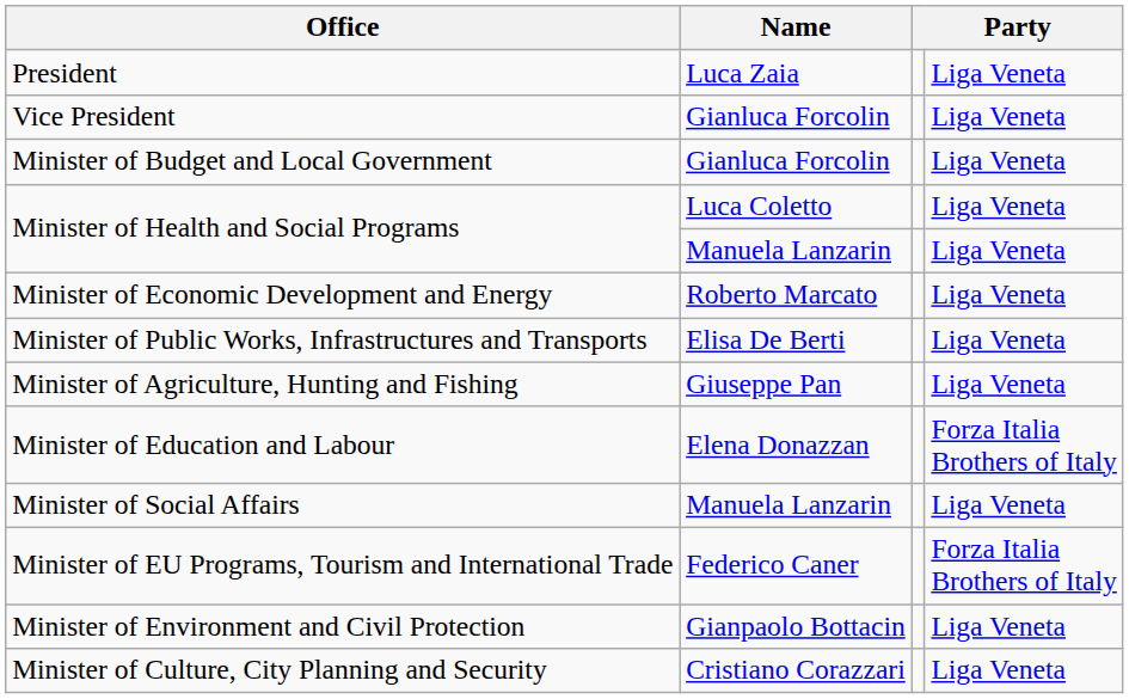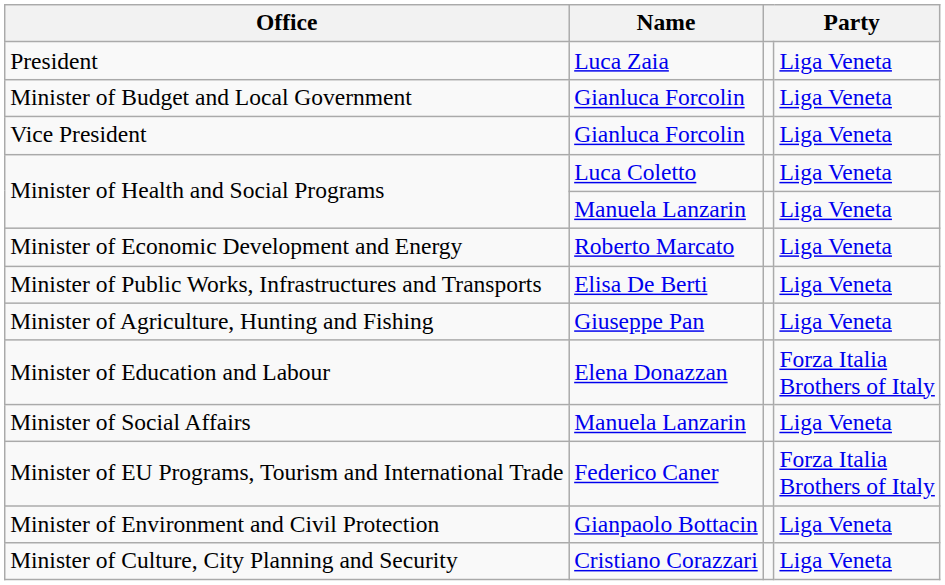 <table class="wikitable">
 <tr>
 <th>Office</th>
 <th>Name</th>
 <th colspan=2>Party</th>
 </tr>
 <tr>
 <td>President</td>
 <td><a href='#'>Luca Zaia</a></td>
 <td style="color:inherit;background:"></td>
 <td><a href='#'>Liga Veneta</a></td>
 </tr>
 <tr>
-<td>Vice President</td>
+<td>Minister of Budget and Local Government</td>
 <td><a href='#'>Gianluca Forcolin</a> </td>
 <td style="color:inherit;background:"></td>
 <td><a href='#'>Liga Veneta</a></td>
 </tr>
 <tr>
-<td>Minister of Budget and Local Government</td>
+<td>Vice President</td>
 <td><a href='#'>Gianluca Forcolin</a> </td>
 <td style="color:inherit;background:"></td>
 <td><a href='#'>Liga Veneta</a></td>
 </tr>
 <tr>
 <td rowspan=2>Minister of Health and Social Programs</td>
 <td><a href='#'>Luca Coletto</a> </td>
 <td></td>
 <td><a href='#'>Liga Veneta</a></td>
 </tr>
 <tr>
 <td><a href='#'>Manuela Lanzarin</a> </td>
 <td></td>
 <td><a href='#'>Liga Veneta</a></td>
 </tr>
 <tr>
 <td>Minister of Economic Development and Energy</td>
 <td><a href='#'>Roberto Marcato</a></td>
 <td style="color:inherit;background:"></td>
 <td><a href='#'>Liga Veneta</a></td>
 </tr>
 <tr>
 <td>Minister of Public Works, Infrastructures and Transports</td>
 <td><a href='#'>Elisa De Berti</a></td>
 <td style="color:inherit;background:"></td>
 <td><a href='#'>Liga Veneta</a></td>
 </tr>
 <tr>
 <td>Minister of Agriculture, Hunting and Fishing</td>
 <td><a href='#'>Giuseppe Pan</a></td>
 <td style="color:inherit;background:"></td>
 <td><a href='#'>Liga Veneta</a></td>
 </tr>
 <tr>
 <td>Minister of Education and Labour</td>
 <td><a href='#'>Elena Donazzan</a></td>
 <td style="color:inherit;background:"></td>
 <td><a href='#'>Forza Italia</a> <br><a href='#'>Brothers of Italy</a> </td>
 </tr>
 <tr>
 <td>Minister of Social Affairs</td>
 <td><a href='#'>Manuela Lanzarin</a></td>
 <td style="color:inherit;background:"></td>
 <td><a href='#'>Liga Veneta</a></td>
 </tr>
 <tr>
 <td>Minister of EU Programs, Tourism and International Trade</td>
 <td><a href='#'>Federico Caner</a></td>
 <td style="color:inherit;background:"></td>
 <td><a href='#'>Forza Italia</a> <br><a href='#'>Brothers of Italy</a> </td>
 </tr>
 <tr>
 <td>Minister of Environment and Civil Protection</td>
 <td><a href='#'>Gianpaolo Bottacin</a></td>
 <td style="color:inherit;background:"></td>
 <td><a href='#'>Liga Veneta</a></td>
 </tr>
 <tr>
 <td>Minister of Culture, City Planning and Security</td>
 <td><a href='#'>Cristiano Corazzari</a></td>
 <td style="color:inherit;background:"></td>
 <td><a href='#'>Liga Veneta</a></td>
 </tr>
 </table>
